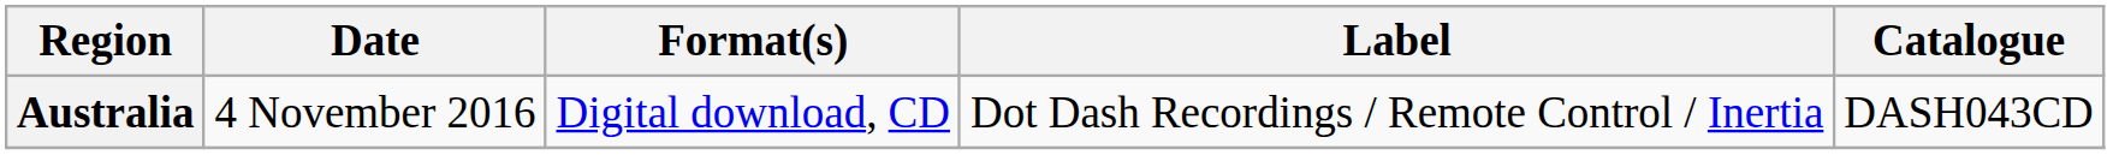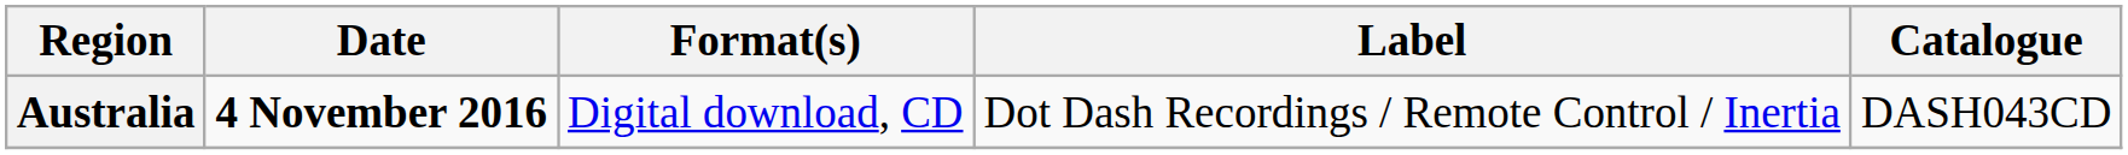 <table class="wikitable plainrowheaders">
 <tr>
 <th scope="col">Region</th>
 <th scope="col">Date</th>
 <th scope="col">Format(s)</th>
 <th scope="col">Label</th>
 <th scope="col">Catalogue</th>
 </tr>
 <tr>
 <th scope="row">Australia</th>
-<td>4 November 2016</td>
+<td><strong>4 November 2016</strong></td>
 <td><a href='#'>Digital download</a>, <a href='#'>CD</a></td>
 <td>Dot Dash Recordings / Remote Control / <a href='#'>Inertia</a></td>
 <td>DASH043CD</td>
 </tr>
 <tr>
 </tr>
 </table>
